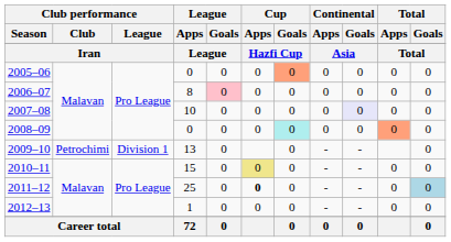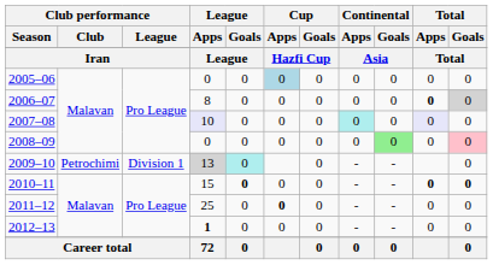 <table class="wikitable" style="text-align:center">
 <tr>
 <th colspan=3>Club performance</th>
 <th colspan=2>League</th>
 <th colspan=2>Cup</th>
 <th colspan=2>Continental</th>
 <th colspan=2>Total</th>
 </tr>
 <tr>
 <th>Season</th>
 <th>Club</th>
 <th>League</th>
 <th>Apps</th>
 <th>Goals</th>
 <th>Apps</th>
 <th>Goals</th>
 <th>Apps</th>
 <th>Goals</th>
 <th>Apps</th>
 <th>Goals</th>
 </tr>
 <tr>
 </tr>
 <tr>
 <th colspan=3>Iran</th>
 <th colspan=2>League</th>
 <th colspan=2><a href='#'>Hazfi Cup</a></th>
 <th colspan=2><a href='#'>Asia</a></th>
 <th colspan=2>Total</th>
 </tr>
 <tr>
 <td><a href='#'>2005–06</a></td>
 <td rowspan="4"><a href='#'>Malavan</a></td>
 <td rowspan="4"><a href='#'>Pro League</a></td>
 <td>0</td>
 <td>0</td>
+<td style="background: lightblue;">0</td>
 <td>0</td>
-<td style="background: lightsalmon;">0</td>
 <td>0</td>
 <td>0</td>
 <td>0</td>
 <td>0</td>
 </tr>
 <tr>
 <td><a href='#'>2006–07</a></td>
 <td>8</td>
-<td style="background: pink;">0</td>
 <td>0</td>
 <td>0</td>
 <td>0</td>
 <td>0</td>
 <td>0</td>
-<td>0</td>
+<td><strong>0</strong></td>
+<td style="background: lightgrey;">0</td>
 </tr>
 <tr>
 <td><a href='#'>2007–08</a></td>
-<td>10</td>
+<td style="background: lavender;">10</td>
 <td>0</td>
 <td>0</td>
 <td>0</td>
+<td style="background: paleturquoise;">0</td>
 <td>0</td>
 <td style="background: lavender;">0</td>
-<td>0</td>
 <td>0</td>
 </tr>
 <tr>
 <td><a href='#'>2008–09</a></td>
 <td>0</td>
 <td>0</td>
 <td>0</td>
-<td style="background: paleturquoise;">0</td>
 <td>0</td>
 <td>0</td>
-<td style="background: lightsalmon;">0</td>
+<td style="background: lightgreen;">0</td>
 <td>0</td>
+<td style="background: pink;">0</td>
 </tr>
 <tr>
 <td><a href='#'>2009–10</a></td>
 <td><a href='#'>Petrochimi</a></td>
 <td><a href='#'>Division 1</a></td>
-<td>13</td>
-<td>0</td>
+<td style="background: lightgrey;">13</td>
+<td style="background: paleturquoise;">0</td>
 <td></td>
 <td>0</td>
 <td>-</td>
 <td>-</td>
 <td></td>
 <td>0</td>
 </tr>
 <tr>
 <td><a href='#'>2010–11</a></td>
 <td rowspan="3"><a href='#'>Malavan</a></td>
 <td rowspan="3"><a href='#'>Pro League</a></td>
 <td>15</td>
+<td><strong>0</strong></td>
 <td>0</td>
-<td style="background: khaki;">0</td>
 <td>0</td>
 <td>-</td>
 <td>-</td>
-<td>0</td>
-<td>0</td>
+<td><strong>0</strong></td>
+<td><strong>0</strong></td>
 </tr>
 <tr>
 <td><a href='#'>2011–12</a></td>
 <td>25</td>
 <td>0</td>
 <td><strong>0</strong></td>
 <td>0</td>
 <td>-</td>
 <td>-</td>
 <td>0</td>
-<td style="background: lightblue;">0</td>
+<td>0</td>
 </tr>
 <tr>
 <td><a href='#'>2012–13</a></td>
-<td>1</td>
+<td><strong>1</strong></td>
 <td>0</td>
 <td>0</td>
 <td>0</td>
 <td>-</td>
 <td>-</td>
 <td>0</td>
 <td>0</td>
 </tr>
 <tr>
 </tr>
 <tr>
 <th colspan=3>Career total</th>
 <th>72</th>
 <th>0</th>
 <th></th>
 <th>0</th>
 <th>0</th>
 <th>0</th>
 <th></th>
 <th>0</th>
 </tr>
 </table>
